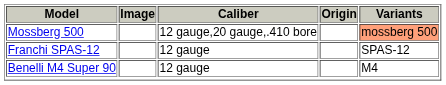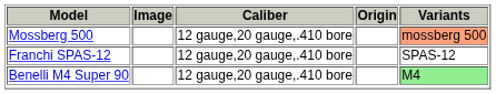 <table border=1 style="border-collapse:">
 <tr bgcolor=ccccc>
 <th>Model</th>
 <th>Image</th>
 <th>Caliber</th>
 <th>Origin</th>
 <th>Variants</th>
 </tr>
 <tr>
 <td><a href='#'>Mossberg 500</a></td>
 <td></td>
 <td>12 gauge,20 gauge,.410 bore</td>
 <td></td>
 <td style="background: lightsalmon;">mossberg 500</td>
 </tr>
 <tr>
 <td><a href='#'>Franchi SPAS-12</a></td>
 <td></td>
-<td>12 gauge</td>
+<td>12 gauge,20 gauge,.410 bore</td>
 <td></td>
 <td>SPAS-12</td>
 </tr>
 <tr>
 <td><a href='#'>Benelli M4 Super 90</a></td>
 <td></td>
-<td>12 gauge</td>
+<td>12 gauge,20 gauge,.410 bore</td>
 <td></td>
-<td>M4</td>
+<td style="background: lightgreen;">M4</td>
 </tr>
 <tr>
 </tr>
 </table>
